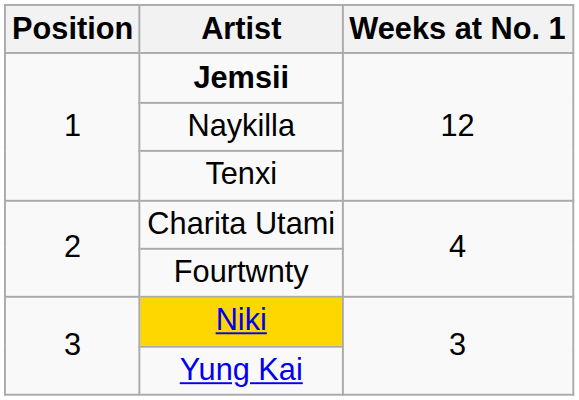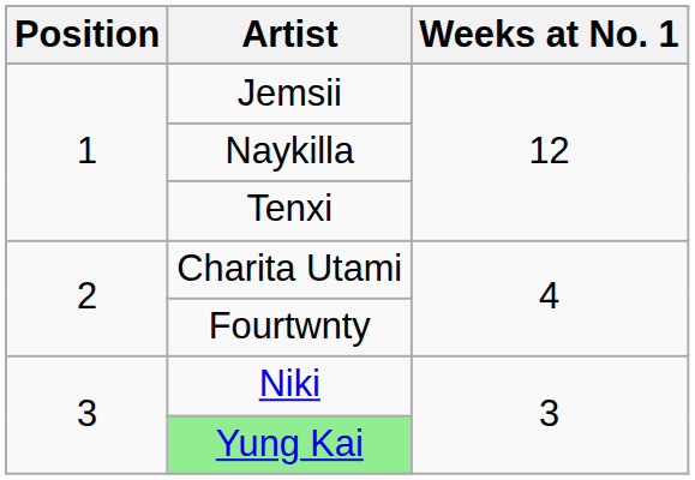 <table class="wikitable plainrowheaders" style="text-align:center;">
 <tr>
 <th scope="col">Position</th>
 <th scope="col">Artist</th>
 <th scope="col">Weeks at No. 1</th>
 </tr>
 <tr>
 <td rowspan="3">1</td>
-<td><strong>Jemsii</strong></td>
+<td>Jemsii</td>
 <td rowspan="3">12</td>
 </tr>
 <tr>
 <td>Naykilla</td>
 </tr>
 <tr>
 <td>Tenxi</td>
 </tr>
 <tr>
 <td rowspan="2">2</td>
 <td>Charita Utami</td>
 <td rowspan="2">4</td>
 </tr>
 <tr>
 <td>Fourtwnty</td>
 </tr>
 <tr>
 <td rowspan="2">3</td>
-<td style="background: gold;"><a href='#'>Niki</a></td>
+<td><a href='#'>Niki</a></td>
 <td rowspan="2">3</td>
 </tr>
 <tr>
-<td><a href='#'>Yung Kai</a></td>
+<td style="background: lightgreen;"><a href='#'>Yung Kai</a></td>
 </tr>
 </table>
